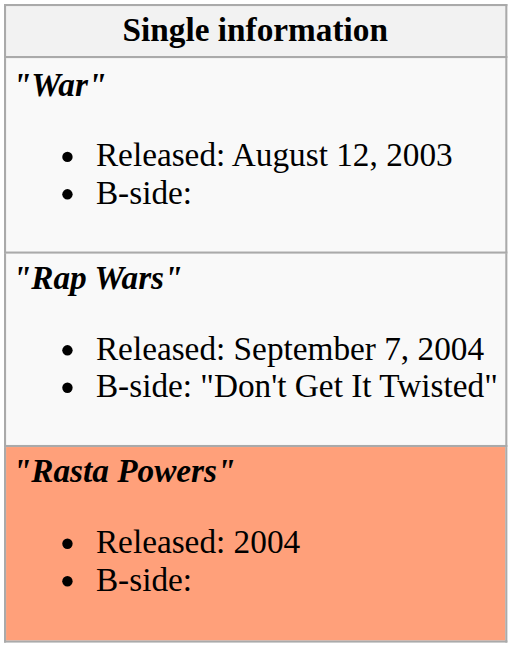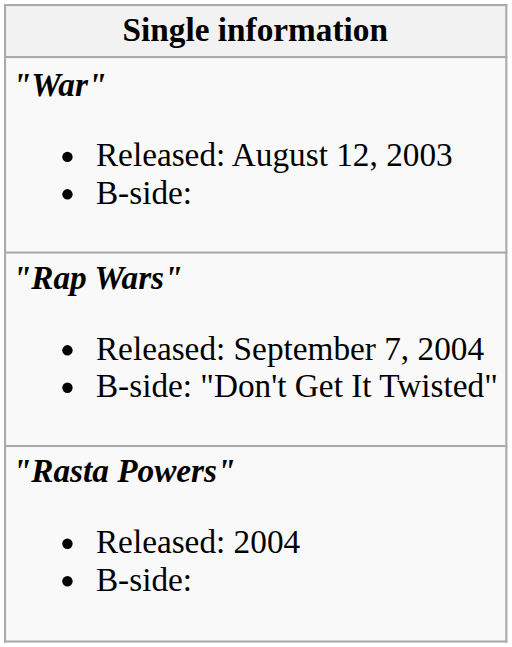 <table class="wikitable">
 <tr>
 <th>Single information</th>
 </tr>
 <tr>
 <td align="left"><strong><em>"War"</em></strong><br><ul><li>Released: August 12, 2003</li><li>B-side:</li></ul></td>
 </tr>
 <tr>
 <td align="left"><strong><em>"Rap Wars"</em></strong><br><ul><li>Released: September 7, 2004</li><li>B-side: "Don't Get It Twisted"</li></ul></td>
 </tr>
 <tr>
-<td align="left" style="background: lightsalmon;"><strong><em>"Rasta Powers"</em></strong><br><ul><li>Released: 2004</li><li>B-side:</li></ul></td>
+<td align="left"><strong><em>"Rasta Powers"</em></strong><br><ul><li>Released: 2004</li><li>B-side:</li></ul></td>
 </tr>
 </table>
